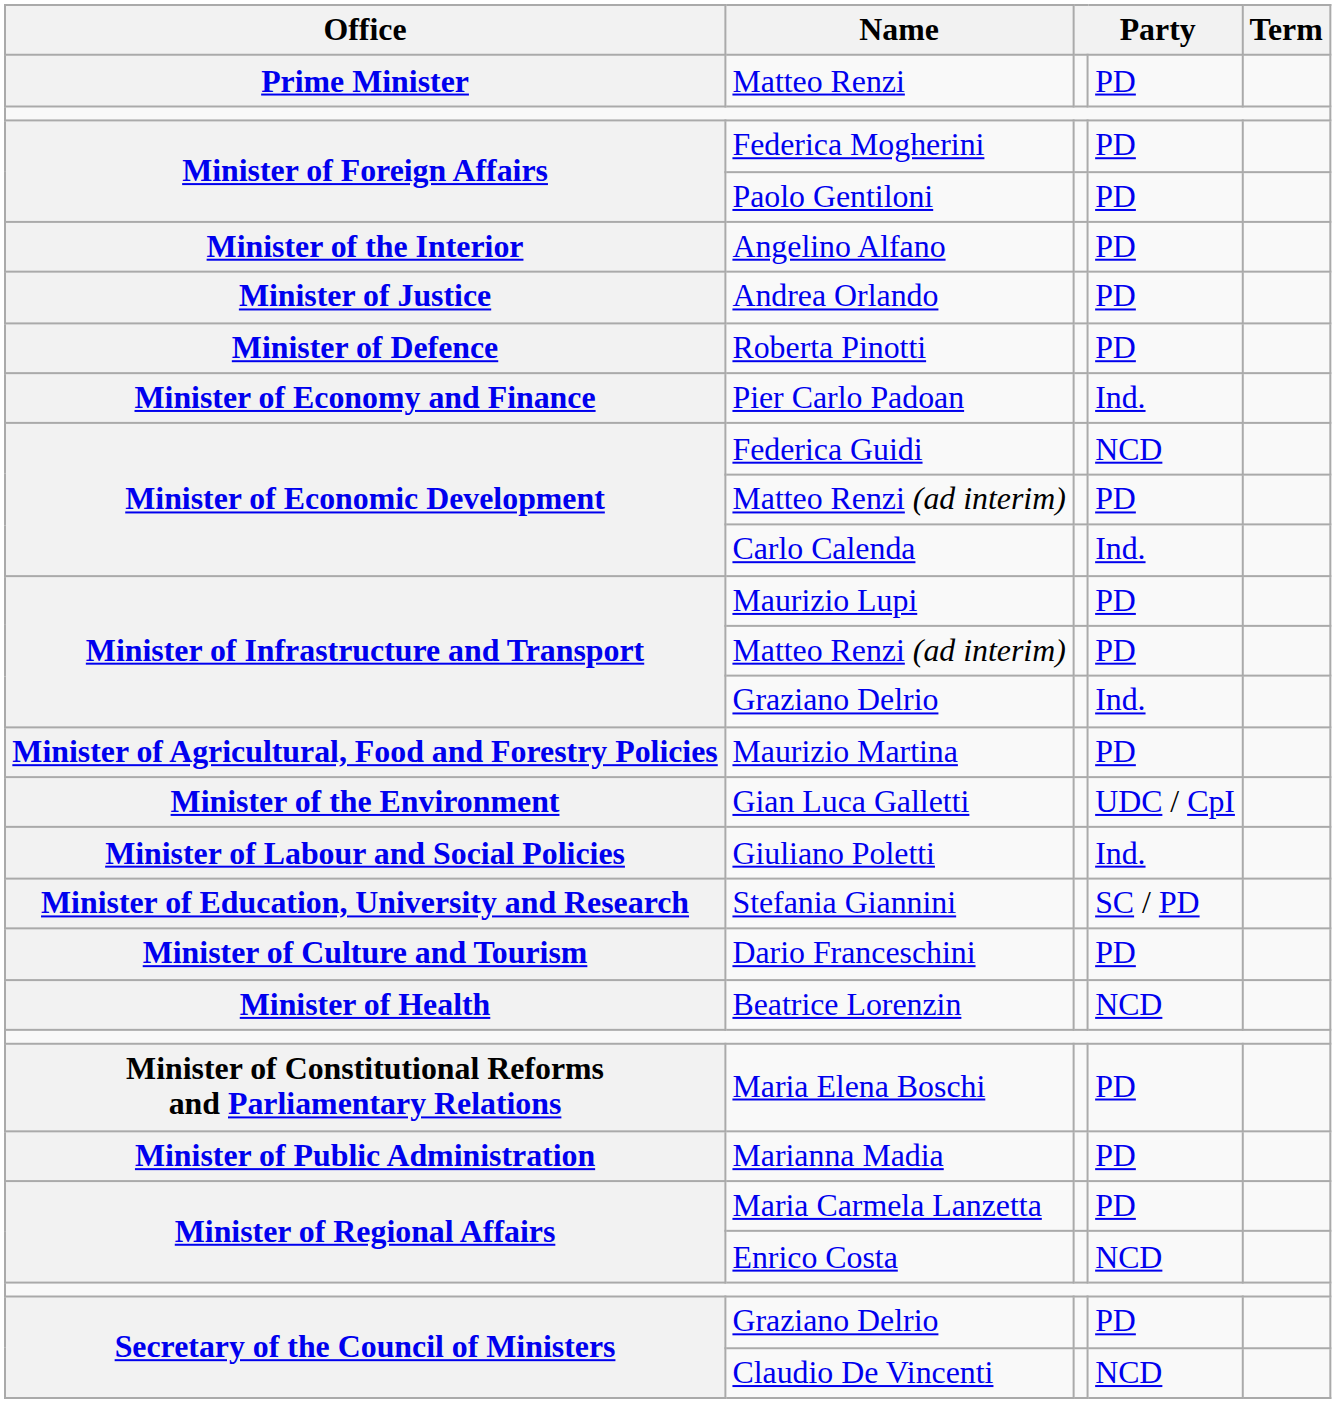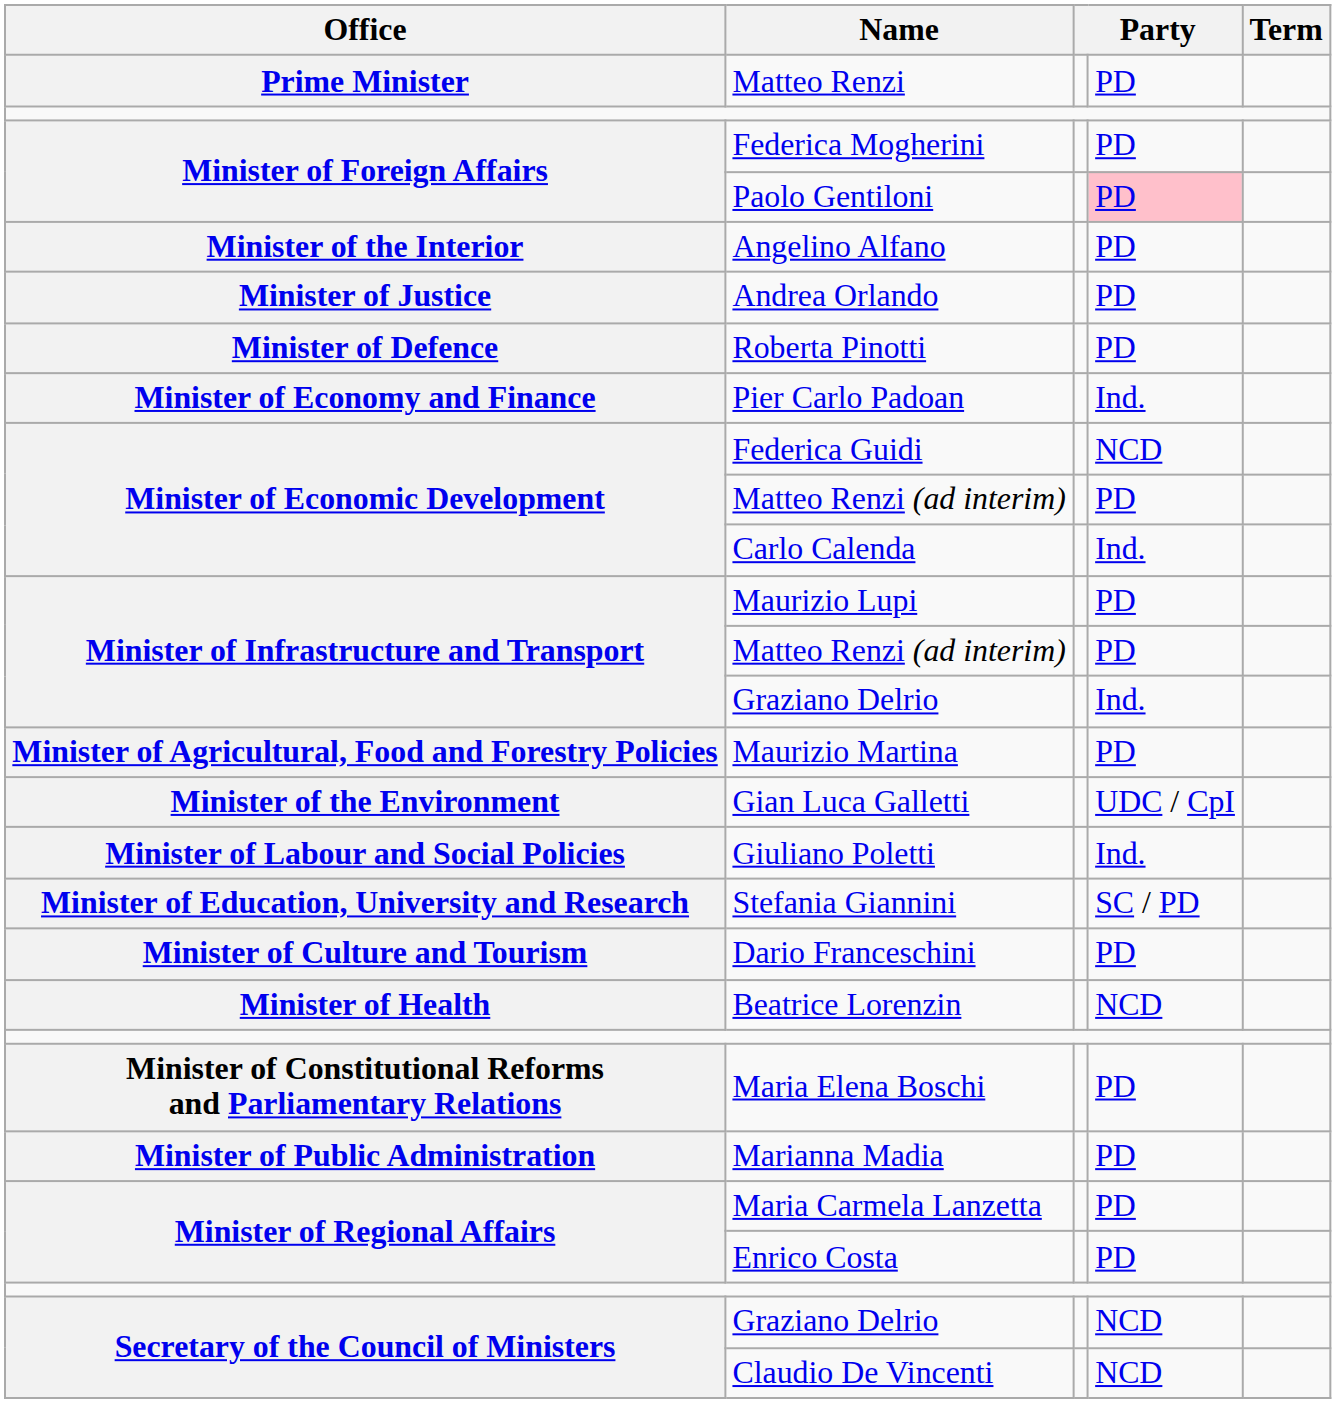 <table class="wikitable" style="font-size: 100%;">
 <tr>
 <th>Office</th>
 <th>Name</th>
 <th colspan=2>Party</th>
 <th>Term</th>
 </tr>
 <tr>
 <th><a href='#'>Prime Minister</a></th>
 <td><a href='#'>Matteo Renzi</a></td>
 <td style="color:inherit;background:"></td>
 <td><a href='#'>PD</a></td>
 <td></td>
 </tr>
 <tr>
 <td colspan=5></td>
 </tr>
 <tr>
 <th rowspan=2><a href='#'>Minister of Foreign Affairs</a></th>
 <td><a href='#'>Federica Mogherini</a></td>
 <td style="color:inherit;background:"></td>
 <td><a href='#'>PD</a></td>
 <td></td>
 </tr>
 <tr>
 <td><a href='#'>Paolo Gentiloni</a></td>
 <td style="color:inherit;background:"></td>
-<td><a href='#'>PD</a></td>
+<td style="background: pink;"><a href='#'>PD</a></td>
 <td></td>
 </tr>
 <tr>
 <th><a href='#'>Minister of the Interior</a></th>
 <td><a href='#'>Angelino Alfano</a></td>
 <td style="color:inherit;background:"></td>
 <td><a href='#'>PD</a></td>
 <td></td>
 </tr>
 <tr>
 <th><a href='#'>Minister of Justice</a></th>
 <td><a href='#'>Andrea Orlando</a></td>
 <td style="color:inherit;background:"></td>
 <td><a href='#'>PD</a></td>
 <td></td>
 </tr>
 <tr>
 <th><a href='#'>Minister of Defence</a></th>
 <td><a href='#'>Roberta Pinotti</a></td>
 <td style="color:inherit;background:"></td>
 <td><a href='#'>PD</a></td>
 <td></td>
 </tr>
 <tr>
 <th><a href='#'>Minister of Economy and Finance</a></th>
 <td><a href='#'>Pier Carlo Padoan</a></td>
 <td style="color:inherit;background:"></td>
 <td><a href='#'>Ind.</a></td>
 <td></td>
 </tr>
 <tr>
 <th rowspan=3><a href='#'>Minister of Economic Development</a></th>
 <td><a href='#'>Federica Guidi</a></td>
 <td style="color:inherit;background:"></td>
 <td><a href='#'>NCD</a></td>
 <td></td>
 </tr>
 <tr>
 <td><a href='#'>Matteo Renzi</a> <em>(ad interim)</em></td>
 <td style="color:inherit;background:"></td>
 <td><a href='#'>PD</a></td>
 <td></td>
 </tr>
 <tr>
 <td><a href='#'>Carlo Calenda</a></td>
 <td style="color:inherit;background:"></td>
 <td><a href='#'>Ind.</a></td>
 <td></td>
 </tr>
 <tr>
 <th rowspan=3><a href='#'>Minister of Infrastructure and Transport</a></th>
 <td><a href='#'>Maurizio Lupi</a></td>
 <td style="color:inherit;background:"></td>
 <td><a href='#'>PD</a></td>
 <td></td>
 </tr>
 <tr>
 <td><a href='#'>Matteo Renzi</a> <em>(ad interim)</em></td>
 <td style="color:inherit;background:"></td>
 <td><a href='#'>PD</a></td>
 <td></td>
 </tr>
 <tr>
 <td><a href='#'>Graziano Delrio</a></td>
 <td style="color:inherit;background:"></td>
 <td><a href='#'>Ind.</a></td>
 <td></td>
 </tr>
 <tr>
 <th><a href='#'>Minister of Agricultural, Food and Forestry Policies</a></th>
 <td><a href='#'>Maurizio Martina</a></td>
 <td style="color:inherit;background:"></td>
 <td><a href='#'>PD</a></td>
 <td></td>
 </tr>
 <tr>
 <th><a href='#'>Minister of the Environment</a></th>
 <td><a href='#'>Gian Luca Galletti</a></td>
 <td style="color:inherit;background:"></td>
 <td><a href='#'>UDC</a> / <a href='#'>CpI</a></td>
 <td></td>
 </tr>
 <tr>
 <th><a href='#'>Minister of Labour and Social Policies</a></th>
 <td><a href='#'>Giuliano Poletti</a></td>
 <td style="color:inherit;background:"></td>
 <td><a href='#'>Ind.</a></td>
 <td></td>
 </tr>
 <tr>
 <th><a href='#'>Minister of Education, University and Research</a></th>
 <td><a href='#'>Stefania Giannini</a></td>
 <td style="color:inherit;background:"></td>
 <td><a href='#'>SC</a> / <a href='#'>PD</a></td>
 <td></td>
 </tr>
 <tr>
 <th><a href='#'>Minister of Culture and Tourism</a></th>
 <td><a href='#'>Dario Franceschini</a></td>
 <td style="color:inherit;background:"></td>
 <td><a href='#'>PD</a></td>
 <td></td>
 </tr>
 <tr>
 <th><a href='#'>Minister of Health</a></th>
 <td><a href='#'>Beatrice Lorenzin</a></td>
 <td style="color:inherit;background:"></td>
 <td><a href='#'>NCD</a></td>
 <td></td>
 </tr>
 <tr>
 <td colspan=5></td>
 </tr>
 <tr>
 <th>Minister of Constitutional Reforms<br>and <a href='#'>Parliamentary Relations</a></th>
 <td><a href='#'>Maria Elena Boschi</a></td>
 <td style="color:inherit;background:"></td>
 <td><a href='#'>PD</a></td>
 <td></td>
 </tr>
 <tr>
 <th><a href='#'>Minister of Public Administration</a></th>
 <td><a href='#'>Marianna Madia</a></td>
 <td style="color:inherit;background:"></td>
 <td><a href='#'>PD</a></td>
 <td></td>
 </tr>
 <tr>
 <th rowspan=2><a href='#'>Minister of Regional Affairs</a></th>
 <td><a href='#'>Maria Carmela Lanzetta</a></td>
 <td style="color:inherit;background:"></td>
 <td><a href='#'>PD</a></td>
 <td></td>
 </tr>
 <tr>
 <td><a href='#'>Enrico Costa</a></td>
 <td style="color:inherit;background:"></td>
-<td><a href='#'>NCD</a></td>
+<td><a href='#'>PD</a></td>
 <td></td>
 </tr>
 <tr>
 <td colspan=5></td>
 </tr>
 <tr>
 <th rowspan=2><a href='#'>Secretary of the Council of Ministers</a></th>
 <td><a href='#'>Graziano Delrio</a></td>
 <td style="color:inherit;background:"></td>
-<td><a href='#'>PD</a></td>
+<td><a href='#'>NCD</a></td>
 <td></td>
 </tr>
 <tr>
 <td><a href='#'>Claudio De Vincenti</a></td>
 <td style="color:inherit;background:"></td>
 <td><a href='#'>NCD</a></td>
 <td></td>
 </tr>
 </table>
